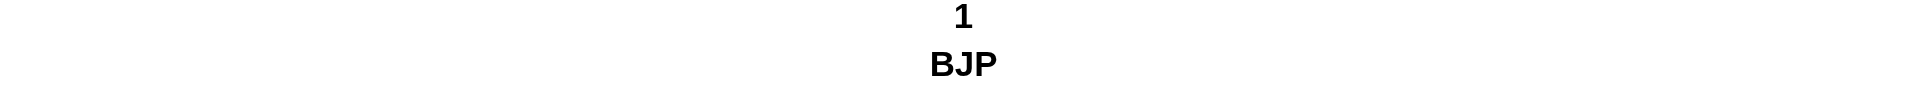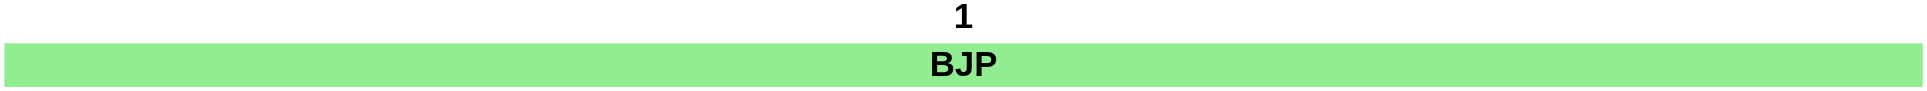 <table style="width:100%; text-align:center;">
 <tr>
 <td style="background:"><strong>1</strong></td>
 </tr>
 <tr>
-<td><span><strong>BJP</strong></span></td>
+<td style="background: lightgreen;"><span><strong>BJP</strong></span></td>
 </tr>
 </table>
